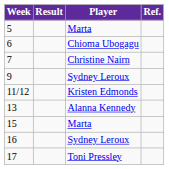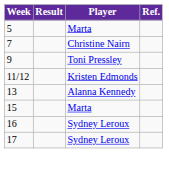 <table class="wikitable">
 <tr>
 <th style="background:#5E299A; color:white;">Week</th>
 <th style="background:#5E299A; color:white;">Result</th>
 <th style="background:#5E299A; color:white;">Player</th>
 <th style="background:#5E299A; color:white;">Ref.</th>
 </tr>
 <tr>
 <td>5</td>
 <td></td>
 <td> <a href='#'>Marta</a></td>
 <td></td>
 </tr>
 <tr>
-<td>6</td>
-<td></td>
-<td> <a href='#'>Chioma Ubogagu</a></td>
-<td></td>
-</tr>
-<tr>
 <td>7</td>
 <td></td>
 <td> <a href='#'>Christine Nairn</a></td>
 <td></td>
 </tr>
 <tr>
 <td>9</td>
 <td></td>
-<td> <a href='#'>Sydney Leroux</a></td>
+<td> <a href='#'>Toni Pressley</a></td>
 <td></td>
 </tr>
 <tr>
 <td>11/12</td>
 <td></td>
 <td> <a href='#'>Kristen Edmonds</a></td>
 <td></td>
 </tr>
 <tr>
 <td>13</td>
 <td></td>
 <td> <a href='#'>Alanna Kennedy</a></td>
 <td></td>
 </tr>
 <tr>
 <td>15</td>
 <td></td>
 <td> <a href='#'>Marta</a></td>
 <td></td>
 </tr>
 <tr>
 <td>16</td>
 <td></td>
 <td> <a href='#'>Sydney Leroux</a></td>
 <td></td>
 </tr>
 <tr>
 <td>17</td>
 <td></td>
-<td> <a href='#'>Toni Pressley</a></td>
+<td> <a href='#'>Sydney Leroux</a></td>
 <td></td>
 </tr>
 </table>
